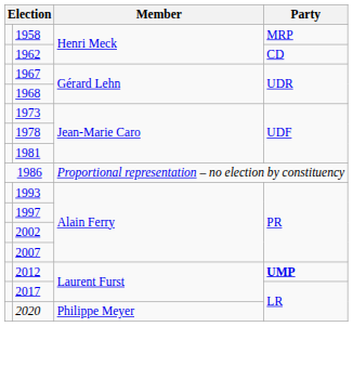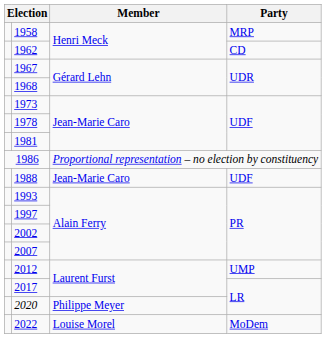 <table class="wikitable">
 <tr>
 <th colspan="2">Election</th>
 <th>Member</th>
 <th>Party</th>
 </tr>
 <tr>
 <td style="background-color: "></td>
 <td><a href='#'>1958</a></td>
 <td rowspan="2"><a href='#'>Henri Meck</a></td>
 <td><a href='#'>MRP</a></td>
 </tr>
 <tr>
 <td style="background-color: "></td>
 <td><a href='#'>1962</a></td>
 <td><a href='#'>CD</a></td>
 </tr>
 <tr>
 <td style="background-color: "></td>
 <td><a href='#'>1967</a></td>
 <td rowspan="2"><a href='#'>Gérard Lehn</a></td>
 <td rowspan="2"><a href='#'>UDR</a></td>
 </tr>
 <tr>
 <td style="background-color: "></td>
 <td><a href='#'>1968</a></td>
 </tr>
 <tr>
 <td style="background-color: "></td>
 <td><a href='#'>1973</a></td>
 <td rowspan="3"><a href='#'>Jean-Marie Caro</a></td>
 <td rowspan="3"><a href='#'>UDF</a></td>
 </tr>
 <tr>
 <td style="background-color: "></td>
 <td><a href='#'>1978</a></td>
 </tr>
 <tr>
 <td style="background-color: "></td>
 <td><a href='#'>1981</a></td>
 </tr>
 <tr>
 <td colspan="2" align="center"><a href='#'>1986</a></td>
 <td colspan="2"><em><a href='#'>Proportional representation</a> – no election by constituency</em></td>
 </tr>
 <tr>
 <td style="background-color: "></td>
+<td><a href='#'>1988</a></td>
+<td><a href='#'>Jean-Marie Caro</a></td>
+<td><a href='#'>UDF</a></td>
+</tr>
+<tr>
+<td style="background-color: "></td>
 <td><a href='#'>1993</a></td>
 <td rowspan="4"><a href='#'>Alain Ferry</a></td>
 <td rowspan="4"><a href='#'>PR</a></td>
 </tr>
 <tr>
 <td style="background-color: "></td>
 <td><a href='#'>1997</a></td>
 </tr>
 <tr>
 <td style="background-color: "></td>
 <td><a href='#'>2002</a></td>
 </tr>
 <tr>
 <td style="background-color: "></td>
 <td><a href='#'>2007</a></td>
 </tr>
 <tr>
 <td style="background-color: "></td>
 <td><a href='#'>2012</a></td>
 <td rowspan="2"><a href='#'>Laurent Furst</a></td>
-<td><strong><a href='#'>UMP</a></strong></td>
+<td><a href='#'>UMP</a></td>
 </tr>
 <tr>
 <td style="background-color: "></td>
 <td><a href='#'>2017</a></td>
 <td rowspan="2"><a href='#'>LR</a></td>
 </tr>
 <tr>
 <td style="background-color: "></td>
 <td><em>2020</em></td>
 <td><a href='#'>Philippe Meyer</a></td>
 </tr>
+<tr>
+<td style="background-color: "></td>
+<td><a href='#'>2022</a></td>
+<td><a href='#'>Louise Morel</a></td>
+<td><a href='#'>MoDem</a></td>
+</tr>
 </table>
